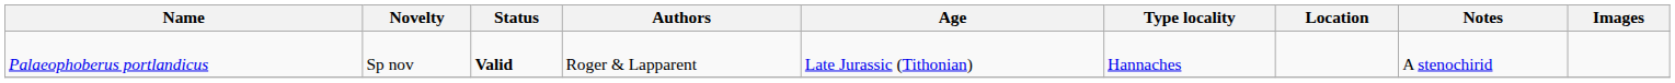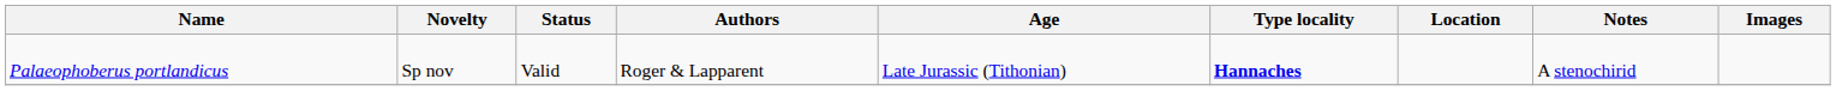 <table class="wikitable sortable" align="center" width="100%">
 <tr>
 <th>Name</th>
 <th>Novelty</th>
 <th>Status</th>
 <th>Authors</th>
 <th>Age</th>
 <th>Type locality</th>
 <th>Location</th>
 <th>Notes</th>
 <th>Images</th>
 </tr>
 <tr>
 <td><br><em><a href='#'>Palaeophoberus portlandicus</a></em></td>
 <td><br>Sp nov</td>
-<td><strong><br>Valid</strong></td>
+<td><br>Valid</td>
 <td><br>Roger & Lapparent</td>
 <td><br><a href='#'>Late Jurassic</a> (<a href='#'>Tithonian</a>)</td>
-<td><br><a href='#'>Hannaches</a></td>
+<td><strong><br><a href='#'>Hannaches</a></strong></td>
 <td><br></td>
 <td><br>A <a href='#'>stenochirid</a></td>
 <td></td>
 </tr>
 <tr>
 </tr>
 </table>
